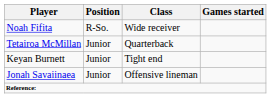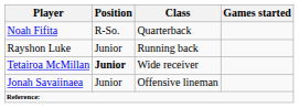 <table class="wikitable">
 <tr>
 <th style="text-align:center; ">Player</th>
 <th style="text-align:center; ">Position</th>
 <th style="text-align:center; ">Class</th>
 <th style="text-align:center; ">Games started</th>
 </tr>
 <tr>
 <td><a href='#'>Noah Fifita</a></td>
 <td>R-So.</td>
-<td>Wide receiver</td>
+<td>Quarterback</td>
+<td></td>
+</tr>
+<tr>
+<td>Rayshon Luke</td>
+<td>Junior</td>
+<td>Running back</td>
 <td></td>
 </tr>
 <tr>
 <td><a href='#'>Tetairoa McMillan</a></td>
-<td>Junior</td>
-<td>Quarterback</td>
-<td></td>
-</tr>
-<tr>
-<td>Keyan Burnett</td>
-<td>Junior</td>
-<td>Tight end</td>
+<td><strong>Junior</strong></td>
+<td>Wide receiver</td>
 <td></td>
 </tr>
 <tr>
 <td><a href='#'>Jonah Savaiinaea</a></td>
 <td>Junior</td>
 <td>Offensive lineman</td>
 <td></td>
 </tr>
 <tr>
 <td colspan="4"  style="font-size:8pt; text-align:left;"><strong>Reference:</strong></td>
 </tr>
 </table>
